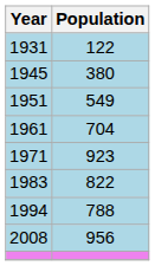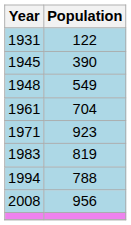 <table class="wikitable" style="float:right; margin-right:15px;">
 <tr>
 <th>Year</th>
 <th>Population</th>
 </tr>
 <tr ---- bgcolor="#ADD8E6">
 <td>1931</td>
 <td align="center">122</td>
 </tr>
 <tr ---- bgcolor="#ADD8E6">
 <td>1945</td>
-<td align="center">380</td>
+<td align="center">390</td>
 </tr>
 <tr ---- bgcolor="#ADD8E6">
-<td>1951</td>
+<td>1948</td>
 <td align="center">549</td>
 </tr>
 <tr ---- bgcolor="#ADD8E6">
 <td>1961</td>
 <td align="center">704</td>
 </tr>
 <tr ---- bgcolor="#ADD8E6">
 <td>1971</td>
 <td align="center">923</td>
 </tr>
 <tr ---- bgcolor="#ADD8E6">
 <td>1983</td>
-<td align="center">822</td>
+<td align="center">819</td>
 </tr>
 <tr ---- bgcolor="#ADD8E6">
 <td>1994</td>
 <td align="center">788</td>
 </tr>
 <tr ---- bgcolor="#ADD8E6">
 <td>2008</td>
 <td align="center">956</td>
 </tr>
 <tr ---- bgcolor="#EE82EE">
 <td></td>
 <td align="center"></td>
 </tr>
 <tr ---->
 </tr>
 </table>
